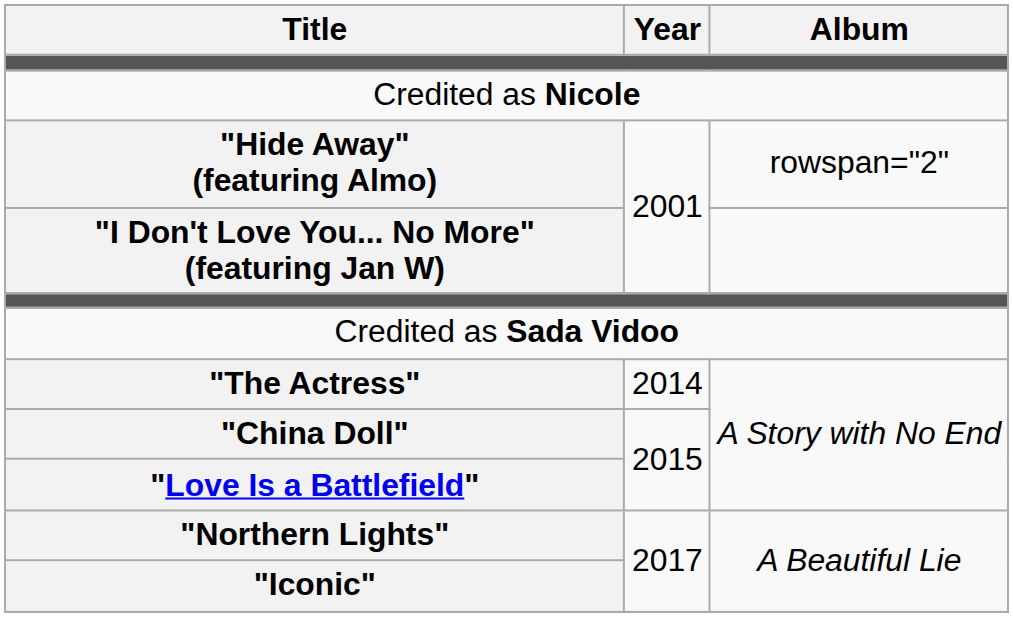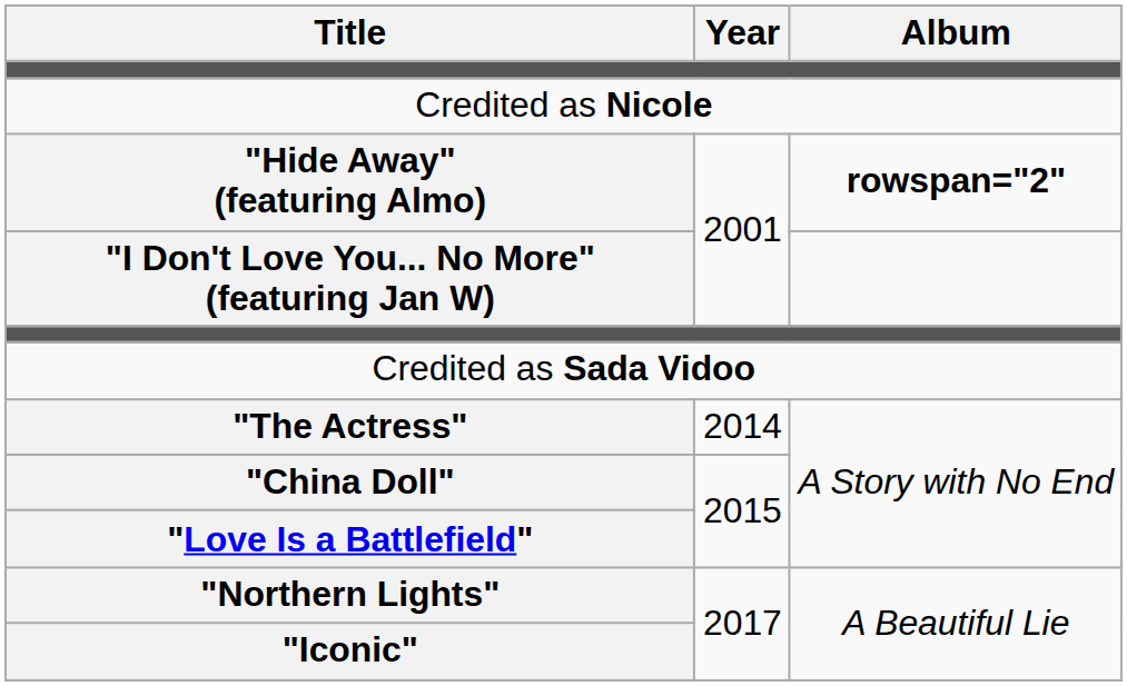 <table class="wikitable plainrowheaders" style="text-align:center;">
 <tr>
 <th scope="col" rowspan="1" style="width:19em;">Title</th>
 <th scope="col" rowspan="1" style="width:1em;">Year</th>
 <th scope="col" rowspan="1">Album</th>
 </tr>
 <tr>
 <td colspan="5" style="background:#555;"></td>
 </tr>
 <tr>
 <td colspan="5">Credited as <strong>Nicole</strong></td>
 </tr>
 <tr>
 <th scope="row">"Hide Away"<br><span>(featuring Almo)</span></th>
 <td rowspan="2">2001</td>
-<td>rowspan="2" </td>
+<td><strong>rowspan="2" </strong></td>
 </tr>
 <tr>
 <th scope="row">"I Don't Love You... No More"<br><span>(featuring Jan W)</span></th>
 </tr>
 <tr>
 <td colspan="5" style="background:#555;"></td>
 </tr>
 <tr>
 <td colspan="5">Credited as <strong>Sada Vidoo</strong></td>
 </tr>
 <tr>
 <th scope="row">"The Actress"</th>
 <td>2014</td>
 <td rowspan="3"><em>A Story with No End</em></td>
 </tr>
 <tr>
 <th scope="row">"China Doll"</th>
 <td rowspan="2">2015</td>
 </tr>
 <tr>
 <th scope="row">"<a href='#'>Love Is a Battlefield</a>"</th>
 </tr>
 <tr>
 <th scope="row">"Northern Lights"</th>
 <td rowspan="2">2017</td>
 <td rowspan="2"><em>A Beautiful Lie</em></td>
 </tr>
 <tr>
 <th scope="row">"Iconic"</th>
 </tr>
 <tr>
 </tr>
 </table>
